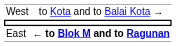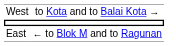 <table cellspacing="0" cellpadding="3">
 <tr>
 <td style="border-top:solid 1px gray">West</td>
 <td style="text-align:center;border-top:solid 1px gray"> to <a href='#'>Kota</a> and  to <a href='#'>Balai Kota</a>  →</td>
 </tr>
 <tr>
 <td colspan="2" style="text-align:center; border:solid 2px black; "></td>
 </tr>
 <tr>
 <td style="border-bottom:solid 1px gray">East</td>
-<td style="text-align:center ; border-bottom:solid 1px gray"><strong>←   to <a href='#'>Blok M</a> and  to <a href='#'>Ragunan</a></strong></td>
+<td style="text-align:center ; border-bottom:solid 1px gray">←   to <a href='#'>Blok M</a> and  to <a href='#'>Ragunan</a></td>
 </tr>
 </table>
